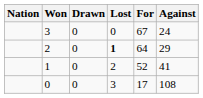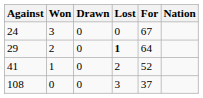 <table class="wikitable">
 <tr>
-<th>Nation</th>
+<th>Against</th>
 <th>Won</th>
 <th>Drawn</th>
 <th>Lost</th>
 <th>For</th>
-<th>Against</th>
+<th>Nation</th>
 </tr>
 <tr>
-<td></td>
+<td>24</td>
 <td>3</td>
 <td>0</td>
 <td>0</td>
 <td>67</td>
-<td>24</td>
+<td></td>
 </tr>
 <tr>
-<td></td>
+<td>29</td>
 <td>2</td>
 <td>0</td>
 <td><strong>1</strong></td>
 <td>64</td>
-<td>29</td>
+<td></td>
 </tr>
 <tr>
-<td></td>
+<td>41</td>
 <td>1</td>
 <td>0</td>
 <td>2</td>
 <td>52</td>
-<td>41</td>
+<td></td>
 </tr>
 <tr>
-<td></td>
+<td>108</td>
 <td>0</td>
 <td>0</td>
 <td>3</td>
-<td>17</td>
-<td>108</td>
+<td>37</td>
+<td></td>
 </tr>
 </table>
